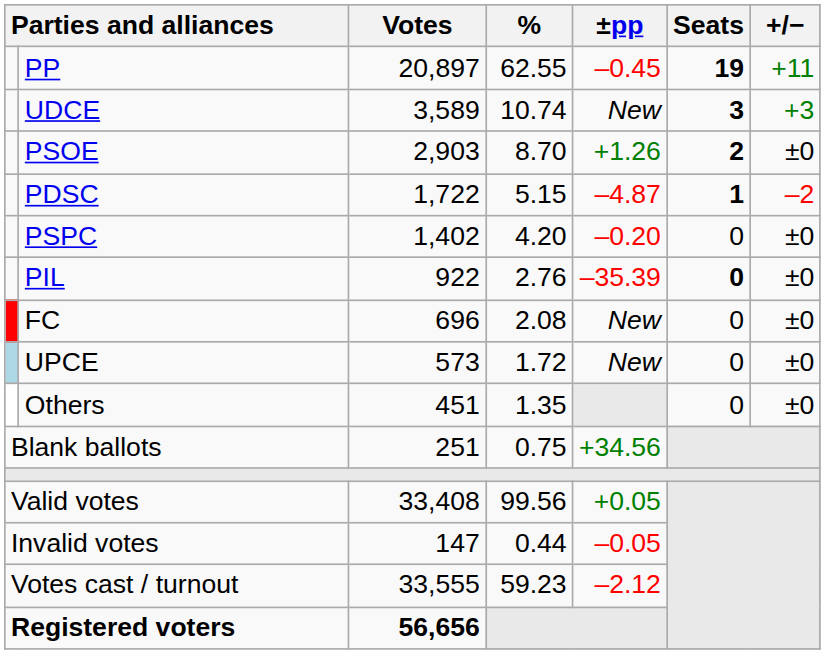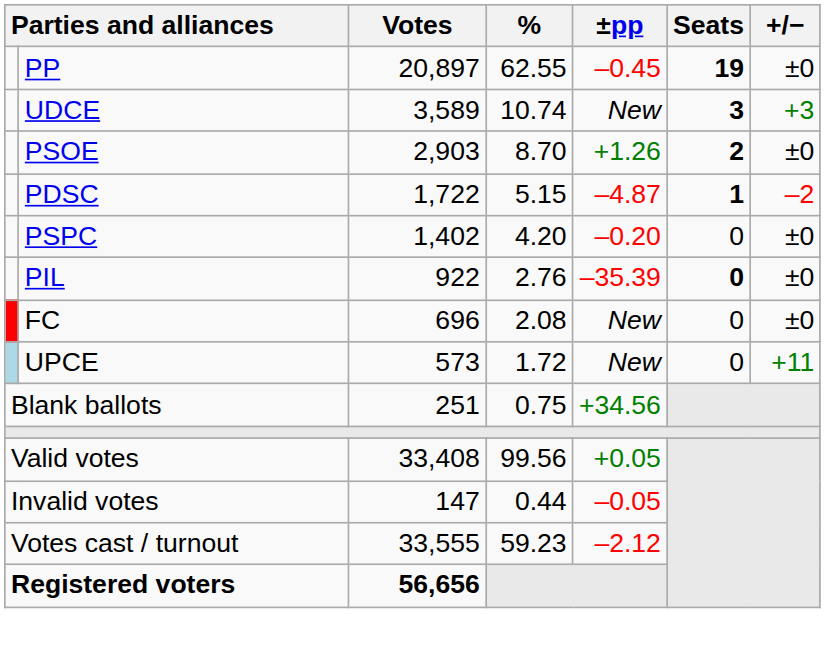 <table class="wikitable" style="text-align:right;">
 <tr>
 <th style="text-align:left;" colspan="2" width="200">Parties and alliances</th>
 <th width="75">Votes</th>
 <th width="45">%</th>
 <th width="45">±<a href='#'>pp</a></th>
 <th width="35">Seats</th>
 <th width="35">+/−</th>
 </tr>
 <tr>
 <td width="1" style="color:inherit;background:"></td>
 <td align="left"><a href='#'>PP</a></td>
 <td>20,897</td>
 <td>62.55</td>
 <td style="color:red;">–0.45</td>
 <td><strong>19</strong></td>
-<td style="color:green;">+11</td>
+<td>±0</td>
 </tr>
 <tr>
 <td style="color:inherit;background:"></td>
 <td align="left"><a href='#'>UDCE</a></td>
 <td>3,589</td>
 <td>10.74</td>
 <td><em>New</em></td>
 <td><strong>3</strong></td>
 <td style="color:green;">+3</td>
 </tr>
 <tr>
 <td style="color:inherit;background:"></td>
 <td align="left"><a href='#'>PSOE</a></td>
 <td>2,903</td>
 <td>8.70</td>
 <td style="color:green;">+1.26</td>
 <td><strong>2</strong></td>
 <td>±0</td>
 </tr>
 <tr>
 <td style="color:inherit;background:"></td>
 <td align="left"><a href='#'>PDSC</a></td>
 <td>1,722</td>
 <td>5.15</td>
 <td style="color:red;">–4.87</td>
 <td><strong>1</strong></td>
 <td style="color:red;">–2</td>
 </tr>
 <tr>
 <td style="color:inherit;background:"></td>
 <td align="left"><a href='#'>PSPC</a></td>
 <td>1,402</td>
 <td>4.20</td>
 <td style="color:red;">–0.20</td>
 <td>0</td>
 <td>±0</td>
 </tr>
 <tr>
 <td style="color:inherit;background:"></td>
 <td align="left"><a href='#'>PIL</a></td>
 <td>922</td>
 <td>2.76</td>
 <td style="color:red;">–35.39</td>
 <td><strong>0</strong></td>
 <td>±0</td>
 </tr>
 <tr>
 <td bgcolor="red"></td>
 <td align="left">FC</td>
 <td>696</td>
 <td>2.08</td>
 <td><em>New</em></td>
 <td>0</td>
 <td>±0</td>
 </tr>
 <tr>
 <td bgcolor="lightblue"></td>
 <td align="left">UPCE</td>
 <td>573</td>
 <td>1.72</td>
 <td><em>New</em></td>
 <td>0</td>
-<td>±0</td>
-</tr>
-<tr>
-<td bgcolor="white"></td>
-<td align="left">Others</td>
-<td>451</td>
-<td>1.35</td>
-<td bgcolor="#E9E9E9"></td>
-<td>0</td>
-<td>±0</td>
+<td style="color:green;">+11</td>
 </tr>
 <tr>
 <td align="left" colspan="2">Blank ballots</td>
 <td>251</td>
 <td>0.75</td>
 <td style="color:green;">+34.56</td>
 <td bgcolor="#E9E9E9" colspan="2"></td>
 </tr>
 <tr>
 <td colspan="7" bgcolor="#E9E9E9"></td>
 </tr>
 <tr>
 <td align="left" colspan="2">Valid votes</td>
 <td>33,408</td>
 <td>99.56</td>
 <td style="color:green;">+0.05</td>
 <td bgcolor="#E9E9E9" colspan="2" rowspan="4"></td>
 </tr>
 <tr>
 <td align="left" colspan="2">Invalid votes</td>
 <td>147</td>
 <td>0.44</td>
 <td style="color:red;">–0.05</td>
 </tr>
 <tr>
 <td align="left" colspan="2">Votes cast / turnout</td>
 <td>33,555</td>
 <td>59.23</td>
 <td style="color:red;">–2.12</td>
 </tr>
 <tr style="font-weight:bold;">
 <td align="left" colspan="2">Registered voters</td>
 <td>56,656</td>
 <td bgcolor="#E9E9E9" colspan="2"></td>
 </tr>
 </table>
